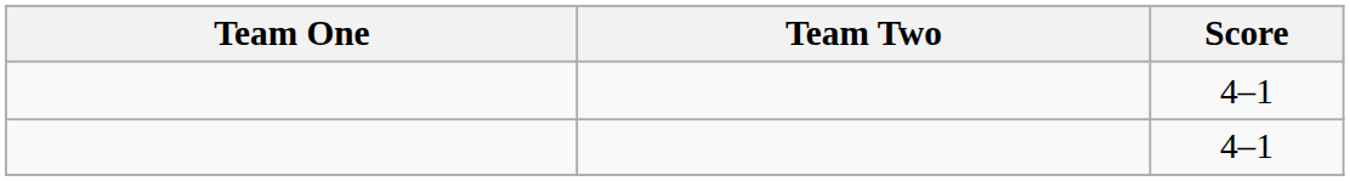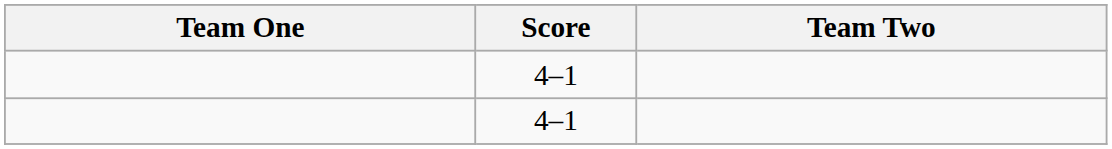 <table class="wikitable" style="text-align: center">
 <tr>
 <th width=250>Team One</th>
+<th width=80>Score</th>
 <th width=250>Team Two</th>
-<th width=80>Score</th>
 </tr>
 <tr>
 <td></td>
+<td>4–1</td>
 <td></td>
-<td>4–1</td>
 </tr>
 <tr>
 <td></td>
+<td>4–1</td>
 <td></td>
-<td>4–1</td>
 </tr>
 </table>
